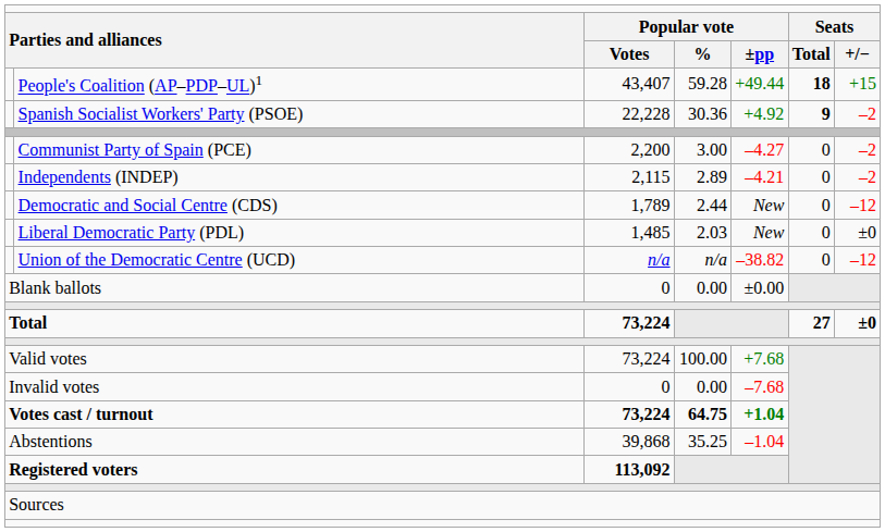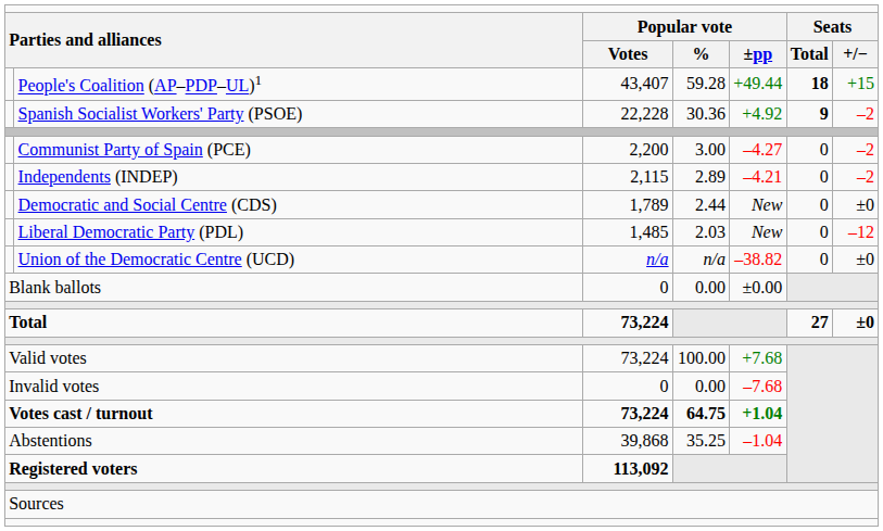 <table class="wikitable" style="text-align:right;">
 <tr>
 <td colspan="7"></td>
 </tr>
 <tr>
 <th style="text-align:left;" rowspan="2" colspan="2" width="525">Parties and alliances</th>
 <th colspan="3">Popular vote</th>
 <th colspan="2">Seats</th>
 </tr>
 <tr>
 <th width="75">Votes</th>
 <th width="45">%</th>
 <th width="45">±<a href='#'>pp</a></th>
 <th width="35">Total</th>
 <th width="35">+/−</th>
 </tr>
 <tr>
 <td width="1" style="color:inherit;background:"></td>
 <td align="left"><a href='#'>People's Coalition</a> (<a href='#'>AP</a>–<a href='#'>PDP</a>–<a href='#'>UL</a>)<sup>1</sup></td>
 <td>43,407</td>
 <td>59.28</td>
 <td style="color:green;">+49.44</td>
 <td><strong>18</strong></td>
 <td style="color:green;">+15</td>
 </tr>
 <tr>
 <td style="color:inherit;background:"></td>
 <td align="left"><a href='#'>Spanish Socialist Workers' Party</a> (PSOE)</td>
 <td>22,228</td>
 <td>30.36</td>
 <td style="color:green;">+4.92</td>
 <td><strong>9</strong></td>
 <td style="color:red;">–2</td>
 </tr>
 <tr>
 <td colspan="7" bgcolor="#C0C0C0"></td>
 </tr>
 <tr>
 <td style="color:inherit;background:"></td>
 <td align="left"><a href='#'>Communist Party of Spain</a> (PCE)</td>
 <td>2,200</td>
 <td>3.00</td>
 <td style="color:red;">–4.27</td>
 <td>0</td>
 <td style="color:red;">–2</td>
 </tr>
 <tr>
 <td style="color:inherit;background:"></td>
 <td align="left"><a href='#'>Independents</a> (INDEP)</td>
 <td>2,115</td>
 <td>2.89</td>
 <td style="color:red;">–4.21</td>
 <td>0</td>
 <td style="color:red;">–2</td>
 </tr>
 <tr>
 <td style="color:inherit;background:"></td>
 <td align="left"><a href='#'>Democratic and Social Centre</a> (CDS)</td>
 <td>1,789</td>
 <td>2.44</td>
 <td><em>New</em></td>
 <td>0</td>
-<td style="color:red;">–12</td>
+<td>±0</td>
 </tr>
 <tr>
 <td style="color:inherit;background:"></td>
 <td align="left"><a href='#'>Liberal Democratic Party</a> (PDL)</td>
 <td>1,485</td>
 <td>2.03</td>
 <td><em>New</em></td>
 <td>0</td>
-<td>±0</td>
+<td style="color:red;">–12</td>
 </tr>
 <tr>
 <td style="color:inherit;background:"></td>
 <td align="left"><a href='#'>Union of the Democratic Centre</a> (UCD)</td>
 <td><em><a href='#'>n/a</a></em></td>
 <td><em>n/a</em></td>
 <td style="color:red;">–38.82</td>
 <td>0</td>
-<td style="color:red;">–12</td>
+<td>±0</td>
 </tr>
 <tr>
 <td align="left" colspan="2">Blank ballots</td>
 <td>0</td>
 <td>0.00</td>
 <td>±0.00</td>
 <td bgcolor="#E9E9E9" colspan="2"></td>
 </tr>
 <tr>
 <td colspan="7" bgcolor="#E9E9E9"></td>
 </tr>
 <tr style="font-weight:bold;">
 <td align="left" colspan="2">Total</td>
 <td>73,224</td>
 <td bgcolor="#E9E9E9" colspan="2"></td>
 <td>27</td>
 <td>±0</td>
 </tr>
 <tr>
 <td colspan="7" bgcolor="#E9E9E9"></td>
 </tr>
 <tr>
 <td align="left" colspan="2">Valid votes</td>
 <td>73,224</td>
 <td>100.00</td>
 <td style="color:green;">+7.68</td>
 <td bgcolor="#E9E9E9" colspan="2" rowspan="5"></td>
 </tr>
 <tr>
 <td align="left" colspan="2">Invalid votes</td>
 <td>0</td>
 <td>0.00</td>
 <td style="color:red;">–7.68</td>
 </tr>
 <tr style="font-weight:bold;">
 <td align="left" colspan="2">Votes cast / turnout</td>
 <td>73,224</td>
 <td>64.75</td>
 <td style="color:green;">+1.04</td>
 </tr>
 <tr>
 <td align="left" colspan="2">Abstentions</td>
 <td>39,868</td>
 <td>35.25</td>
 <td style="color:red;">–1.04</td>
 </tr>
 <tr style="font-weight:bold;">
 <td align="left" colspan="2">Registered voters</td>
 <td>113,092</td>
 <td bgcolor="#E9E9E9" colspan="2"></td>
 </tr>
 <tr>
 <td colspan="7" bgcolor="#E9E9E9"></td>
 </tr>
 <tr>
 <td align="left" colspan="7">Sources</td>
 </tr>
 <tr>
 <td colspan="7" style="text-align:left; max-width:790px;"></td>
 </tr>
 </table>
